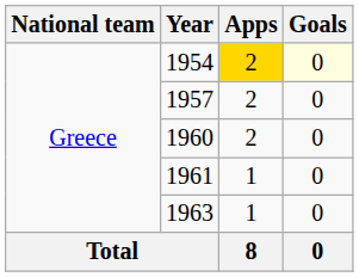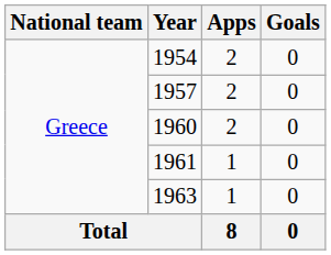 <table class="wikitable" style="text-align:center">
 <tr>
 <th>National team</th>
 <th>Year</th>
 <th>Apps</th>
 <th>Goals</th>
 </tr>
 <tr>
 <td rowspan="5"><a href='#'>Greece</a></td>
 <td>1954</td>
-<td style="background: gold;">2</td>
-<td style="background: lightyellow;">0</td>
+<td>2</td>
+<td>0</td>
 </tr>
 <tr>
 <td>1957</td>
 <td>2</td>
 <td>0</td>
 </tr>
 <tr>
 <td>1960</td>
 <td>2</td>
 <td>0</td>
 </tr>
 <tr>
 <td>1961</td>
 <td>1</td>
 <td>0</td>
 </tr>
 <tr>
 <td>1963</td>
 <td>1</td>
 <td>0</td>
 </tr>
 <tr>
 <th colspan="2">Total</th>
 <th>8</th>
 <th>0</th>
 </tr>
 </table>
